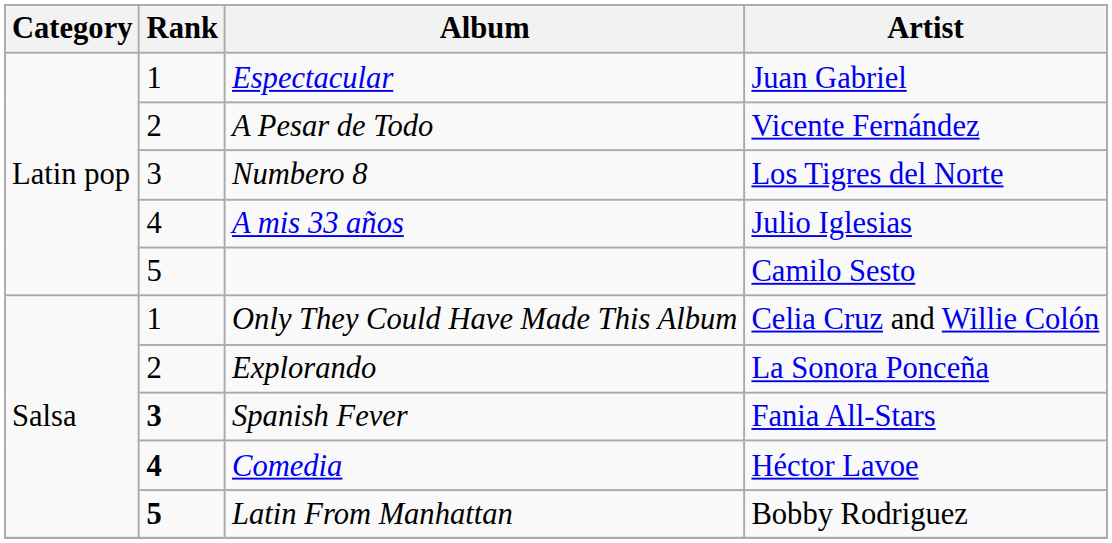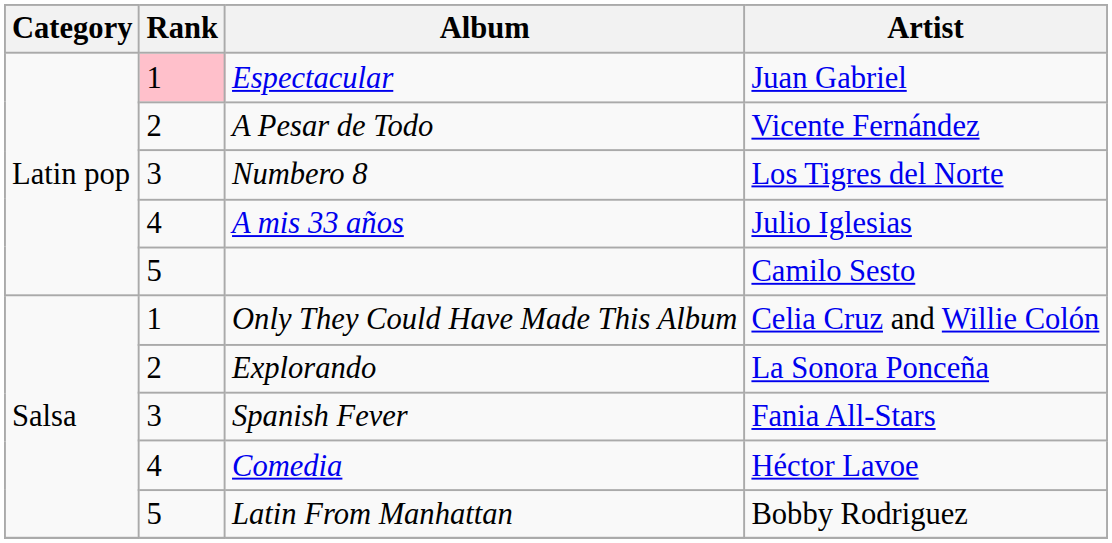 <table class="wikitable sortable">
 <tr>
 <th>Category</th>
 <th>Rank</th>
 <th>Album</th>
 <th>Artist</th>
 </tr>
 <tr>
 <td rowspan="5">Latin pop</td>
-<td>1</td>
+<td style="background: pink;">1</td>
 <td><em><a href='#'>Espectacular</a></em></td>
 <td><a href='#'>Juan Gabriel</a></td>
 </tr>
 <tr>
 <td>2</td>
 <td><em>A Pesar de Todo</em></td>
 <td><a href='#'>Vicente Fernández</a></td>
 </tr>
 <tr>
 <td>3</td>
 <td><em>Numbero 8</em></td>
 <td><a href='#'>Los Tigres del Norte</a></td>
 </tr>
 <tr>
 <td>4</td>
 <td><em><a href='#'>A mis 33 años</a></em></td>
 <td><a href='#'>Julio Iglesias</a></td>
 </tr>
 <tr>
 <td>5</td>
 <td><em></em></td>
 <td><a href='#'>Camilo Sesto</a></td>
 </tr>
 <tr>
 <td rowspan="5">Salsa</td>
 <td>1</td>
 <td><em>Only They Could Have Made This Album</em></td>
 <td><a href='#'>Celia Cruz</a> and <a href='#'>Willie Colón</a></td>
 </tr>
 <tr>
 <td>2</td>
 <td><em>Explorando</em></td>
 <td><a href='#'>La Sonora Ponceña</a></td>
 </tr>
 <tr>
-<td><strong>3</strong></td>
+<td>3</td>
 <td><em>Spanish Fever</em></td>
 <td><a href='#'>Fania All-Stars</a></td>
 </tr>
 <tr>
-<td><strong>4</strong></td>
+<td>4</td>
 <td><em><a href='#'>Comedia</a></em></td>
 <td><a href='#'>Héctor Lavoe</a></td>
 </tr>
 <tr>
-<td><strong>5</strong></td>
+<td>5</td>
 <td><em>Latin From Manhattan</em></td>
 <td>Bobby Rodriguez</td>
 </tr>
 <tr>
 </tr>
 </table>
